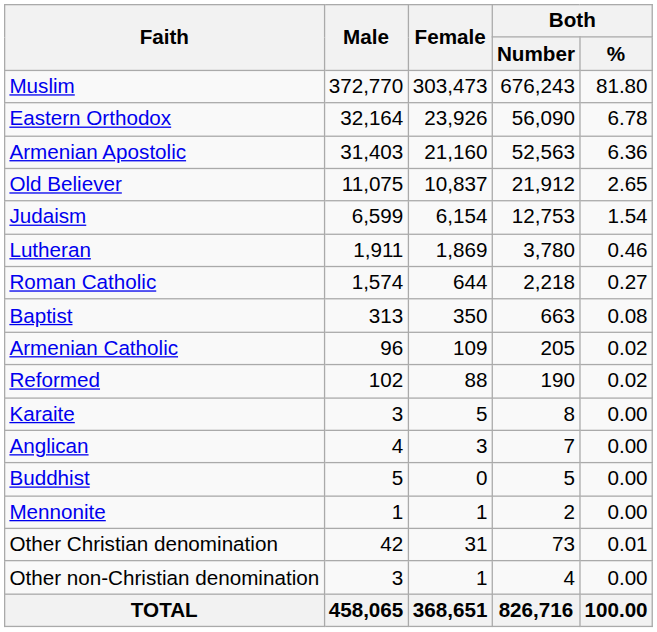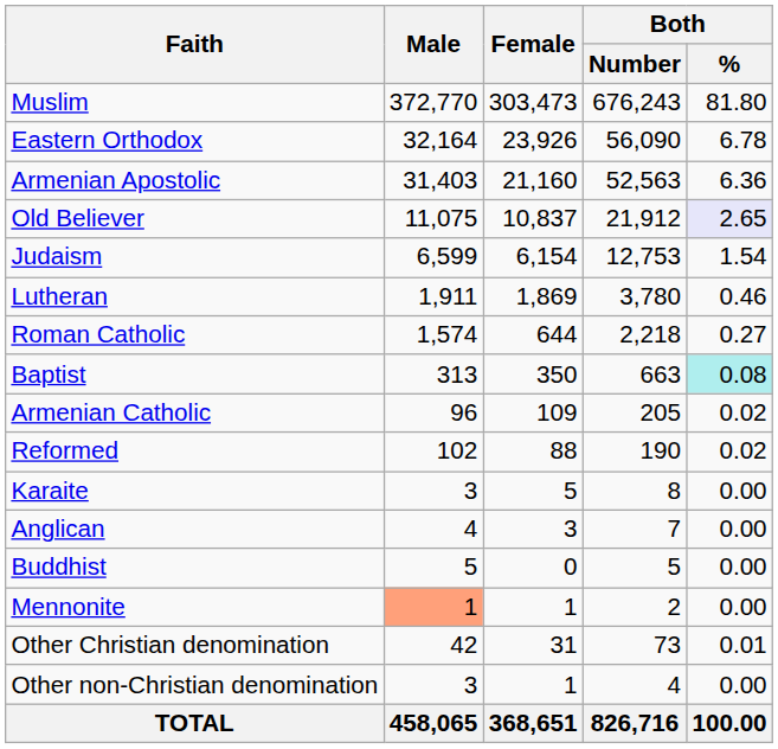 <table class="wikitable sortable">
 <tr>
 <th rowspan="2">Faith</th>
 <th rowspan="2">Male</th>
 <th rowspan="2">Female</th>
 <th colspan="2">Both</th>
 </tr>
 <tr>
 <th>Number</th>
 <th>%</th>
 </tr>
 <tr>
 <td><a href='#'>Muslim</a></td>
 <td align="right">372,770</td>
 <td align="right">303,473</td>
 <td align="right">676,243</td>
 <td align="right">81.80</td>
 </tr>
 <tr>
 <td><a href='#'>Eastern Orthodox</a></td>
 <td align="right">32,164</td>
 <td align="right">23,926</td>
 <td align="right">56,090</td>
 <td align="right">6.78</td>
 </tr>
 <tr>
 <td><a href='#'>Armenian Apostolic</a></td>
 <td align="right">31,403</td>
 <td align="right">21,160</td>
 <td align="right">52,563</td>
 <td align="right">6.36</td>
 </tr>
 <tr>
 <td><a href='#'>Old Believer</a></td>
 <td align="right">11,075</td>
 <td align="right">10,837</td>
 <td align="right">21,912</td>
-<td align="right">2.65</td>
+<td align="right" style="background: lavender;">2.65</td>
 </tr>
 <tr>
 <td><a href='#'>Judaism</a></td>
 <td align="right">6,599</td>
 <td align="right">6,154</td>
 <td align="right">12,753</td>
 <td align="right">1.54</td>
 </tr>
 <tr>
 <td><a href='#'>Lutheran</a></td>
 <td align="right">1,911</td>
 <td align="right">1,869</td>
 <td align="right">3,780</td>
 <td align="right">0.46</td>
 </tr>
 <tr>
 <td><a href='#'>Roman Catholic</a></td>
 <td align="right">1,574</td>
 <td align="right">644</td>
 <td align="right">2,218</td>
 <td align="right">0.27</td>
 </tr>
 <tr>
 <td><a href='#'>Baptist</a></td>
 <td align="right">313</td>
 <td align="right">350</td>
 <td align="right">663</td>
-<td align="right">0.08</td>
+<td align="right" style="background: paleturquoise;">0.08</td>
 </tr>
 <tr>
 <td><a href='#'>Armenian Catholic</a></td>
 <td align="right">96</td>
 <td align="right">109</td>
 <td align="right">205</td>
 <td align="right">0.02</td>
 </tr>
 <tr>
 <td><a href='#'>Reformed</a></td>
 <td align="right">102</td>
 <td align="right">88</td>
 <td align="right">190</td>
 <td align="right">0.02</td>
 </tr>
 <tr>
 <td><a href='#'>Karaite</a></td>
 <td align="right">3</td>
 <td align="right">5</td>
 <td align="right">8</td>
 <td align="right">0.00</td>
 </tr>
 <tr>
 <td><a href='#'>Anglican</a></td>
 <td align="right">4</td>
 <td align="right">3</td>
 <td align="right">7</td>
 <td align="right">0.00</td>
 </tr>
 <tr>
 <td><a href='#'>Buddhist</a></td>
 <td align="right">5</td>
 <td align="right">0</td>
 <td align="right">5</td>
 <td align="right">0.00</td>
 </tr>
 <tr>
 <td><a href='#'>Mennonite</a></td>
-<td align="right">1</td>
+<td align="right" style="background: lightsalmon;">1</td>
 <td align="right">1</td>
 <td align="right">2</td>
 <td align="right">0.00</td>
 </tr>
 <tr>
 <td>Other Christian denomination</td>
 <td align="right">42</td>
 <td align="right">31</td>
 <td align="right">73</td>
 <td align="right">0.01</td>
 </tr>
 <tr>
 <td>Other non-Christian denomination</td>
 <td align="right">3</td>
 <td align="right">1</td>
 <td align="right">4</td>
 <td align="right">0.00</td>
 </tr>
 <tr>
 <th>TOTAL</th>
 <th>458,065</th>
 <th>368,651</th>
 <th>826,716</th>
 <th>100.00</th>
 </tr>
 </table>
